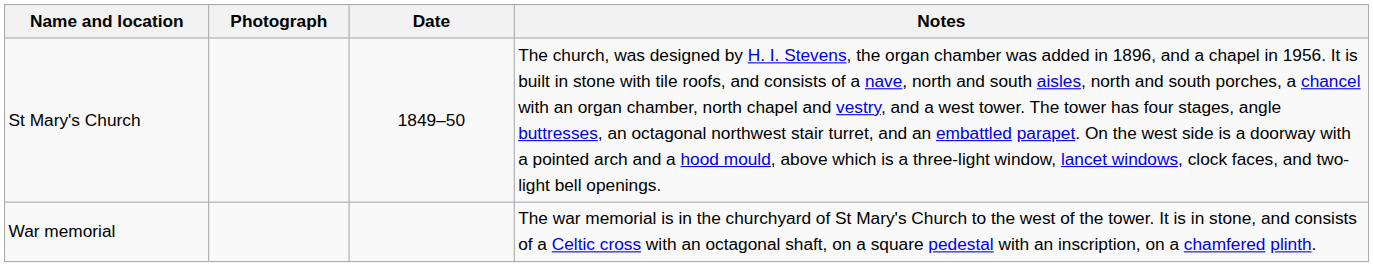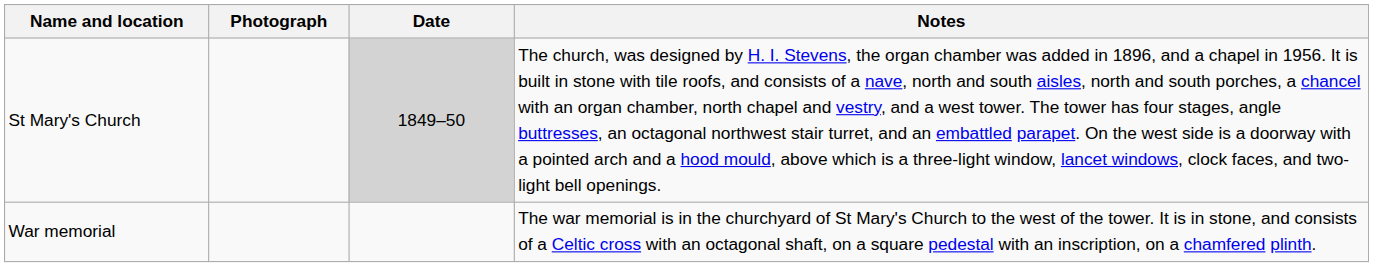 <table class="wikitable sortable plainrowheaders" style="width:100%; border:0px; text-align:left; line-height:150%">
 <tr>
 <th scope="col"  style="width:150px">Name and location</th>
 <th scope="col"  style="width:100px" class="unsortable">Photograph</th>
 <th scope="col"  style="width:120px">Date</th>
 <th scope="col"  style="width:650px" class="unsortable">Notes</th>
 </tr>
 <tr>
 <td>St Mary's Church<br><small></small></td>
 <td></td>
-<td align="center">1849–50</td>
+<td align="center" style="background: lightgrey;">1849–50</td>
 <td>The church, was designed by <a href='#'>H. I. Stevens</a>, the organ chamber was added in 1896, and a chapel in 1956.  It is built in stone with tile roofs, and consists of a <a href='#'>nave</a>, north and south <a href='#'>aisles</a>, north and south porches, a <a href='#'>chancel</a> with an organ chamber, north chapel and <a href='#'>vestry</a>, and a west tower.  The tower has four stages, angle <a href='#'>buttresses</a>, an octagonal northwest stair turret, and an <a href='#'>embattled</a> <a href='#'>parapet</a>.  On the west side is a doorway with a pointed arch and a <a href='#'>hood mould</a>, above which is a three-light window, <a href='#'>lancet windows</a>, clock faces, and two-light bell openings.</td>
 </tr>
 <tr>
 <td>War memorial<br><small></small></td>
 <td></td>
 <td align="center"></td>
 <td>The war memorial is in the churchyard of St Mary's Church to the west of the tower.  It is in stone, and consists of a <a href='#'>Celtic cross</a> with an octagonal shaft, on a square <a href='#'>pedestal</a> with an inscription, on a <a href='#'>chamfered</a> <a href='#'>plinth</a>.</td>
 </tr>
 <tr>
 </tr>
 </table>
